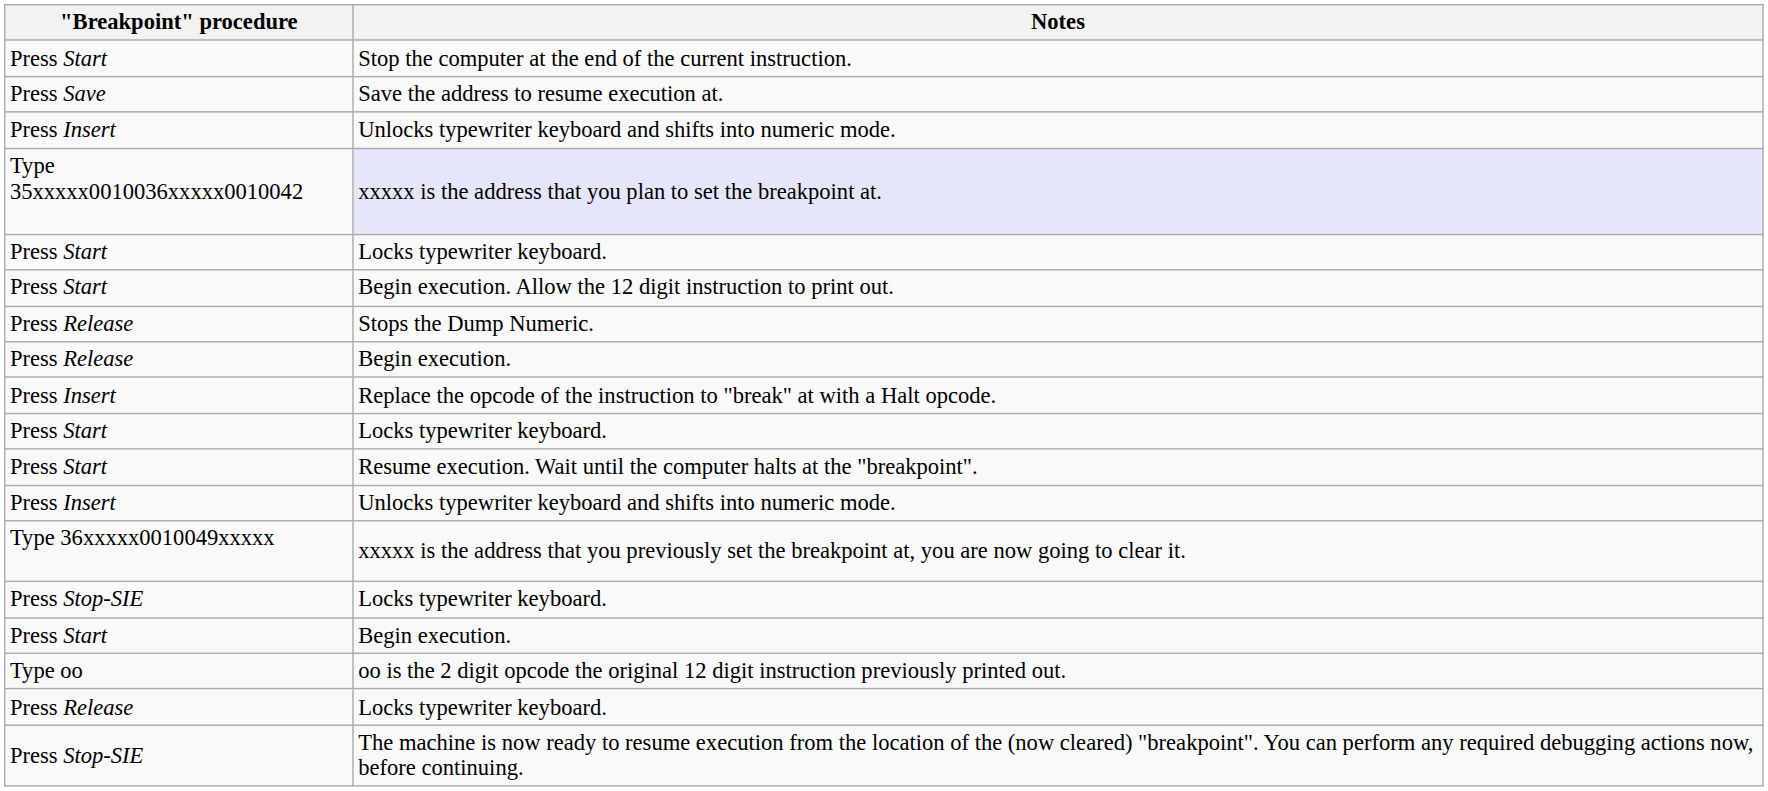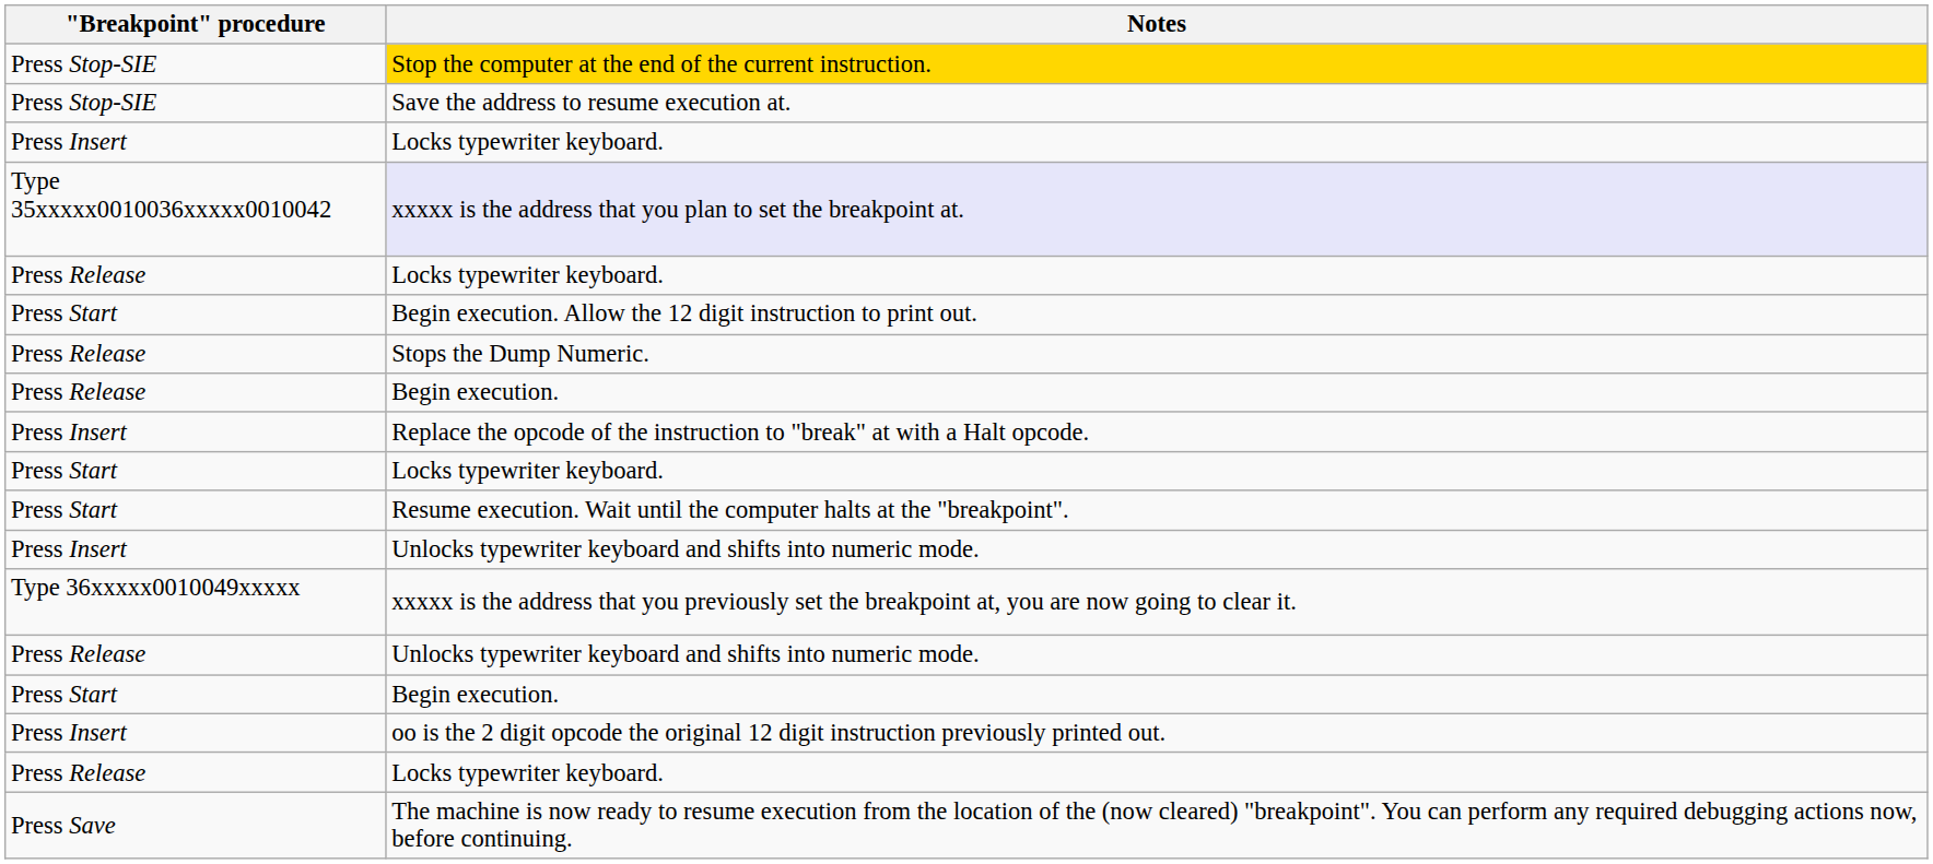 <table class="wikitable">
 <tr>
 <th>"Breakpoint" procedure</th>
 <th>Notes</th>
 </tr>
 <tr>
-<td>Press <em>Start</em></td>
-<td>Stop the computer at the end of the current instruction.</td>
+<td>Press <em>Stop-SIE</em></td>
+<td style="background: gold;">Stop the computer at the end of the current instruction.</td>
 </tr>
 <tr>
-<td>Press <em>Save</em></td>
+<td>Press <em>Stop-SIE</em></td>
 <td>Save the address to resume execution at.</td>
 </tr>
 <tr>
 <td>Press <em>Insert</em></td>
-<td>Unlocks typewriter keyboard and shifts into numeric mode.</td>
+<td>Locks typewriter keyboard.</td>
 </tr>
 <tr>
 <td>Type 35xxxxx0010036xxxxx0010042<br> </td>
 <td style="background: lavender;">xxxxx is the address that you plan to set the breakpoint at.</td>
 </tr>
 <tr>
-<td>Press <em>Start</em></td>
+<td>Press <em>Release</em></td>
 <td>Locks typewriter keyboard.</td>
 </tr>
 <tr>
 <td>Press <em>Start</em></td>
 <td>Begin execution. Allow the 12 digit instruction to print out.</td>
 </tr>
 <tr>
 <td>Press <em>Release</em></td>
 <td>Stops the Dump Numeric.</td>
 </tr>
 <tr>
 <td>Press <em>Release</em></td>
 <td>Begin execution.</td>
 </tr>
 <tr>
 <td>Press <em>Insert</em></td>
 <td>Replace the opcode of the instruction to "break" at with a Halt opcode.</td>
 </tr>
 <tr>
 <td>Press <em>Start</em></td>
 <td>Locks typewriter keyboard.</td>
 </tr>
 <tr>
 <td>Press <em>Start</em></td>
 <td>Resume execution. Wait until the computer halts at the "breakpoint".</td>
 </tr>
 <tr>
 <td>Press <em>Insert</em></td>
 <td>Unlocks typewriter keyboard and shifts into numeric mode.</td>
 </tr>
 <tr>
 <td>Type 36xxxxx0010049xxxxx<br> </td>
 <td>xxxxx is the address that you previously set the breakpoint at, you are now going to clear it.</td>
 </tr>
 <tr>
-<td>Press <em>Stop-SIE</em></td>
-<td>Locks typewriter keyboard.</td>
+<td>Press <em>Release</em></td>
+<td>Unlocks typewriter keyboard and shifts into numeric mode.</td>
 </tr>
 <tr>
 <td>Press <em>Start</em></td>
 <td>Begin execution.</td>
 </tr>
 <tr>
-<td>Type oo</td>
+<td>Press <em>Insert</em></td>
 <td>oo is the 2 digit opcode the original 12 digit instruction previously printed out.</td>
 </tr>
 <tr>
 <td>Press <em>Release</em></td>
 <td>Locks typewriter keyboard.</td>
 </tr>
 <tr>
-<td>Press <em>Stop-SIE</em></td>
+<td>Press <em>Save</em></td>
 <td>The machine is now ready to resume execution from the location of the (now cleared) "breakpoint". You can perform any required debugging actions now, before continuing.</td>
 </tr>
 </table>
